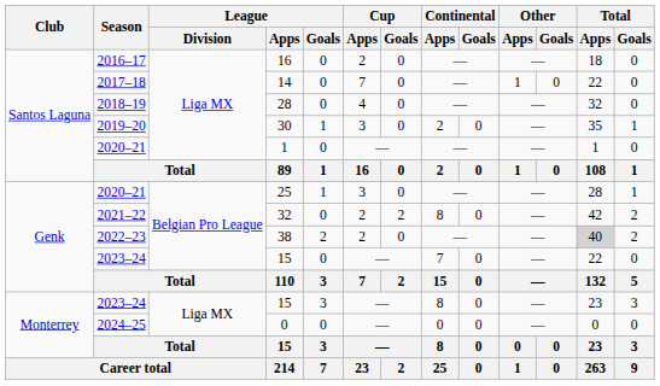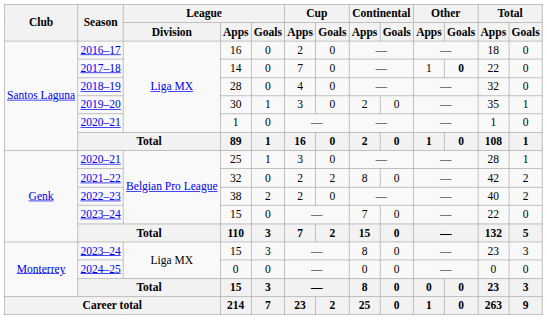 <table class="wikitable" style="text-align:center">
 <tr>
 <th rowspan="2">Club</th>
 <th rowspan="2">Season</th>
 <th colspan="3">League</th>
 <th colspan="2">Cup</th>
 <th colspan="2">Continental</th>
 <th colspan="2">Other</th>
 <th colspan="2">Total</th>
 </tr>
 <tr>
 <th>Division</th>
 <th>Apps</th>
 <th>Goals</th>
 <th>Apps</th>
 <th>Goals</th>
 <th>Apps</th>
 <th>Goals</th>
 <th>Apps</th>
 <th>Goals</th>
 <th>Apps</th>
 <th>Goals</th>
 </tr>
 <tr>
 <td rowspan="6"><a href='#'>Santos Laguna</a></td>
 <td><a href='#'>2016–17</a></td>
 <td rowspan="5"><a href='#'>Liga MX</a></td>
 <td>16</td>
 <td>0</td>
 <td>2</td>
 <td>0</td>
 <td colspan="2">—</td>
 <td colspan="2">—</td>
 <td>18</td>
 <td>0</td>
 </tr>
 <tr>
 <td><a href='#'>2017–18</a></td>
 <td>14</td>
 <td>0</td>
 <td>7</td>
 <td>0</td>
 <td colspan="2">—</td>
 <td>1</td>
-<td>0</td>
+<td><strong>0</strong></td>
 <td>22</td>
 <td>0</td>
 </tr>
 <tr>
 <td><a href='#'>2018–19</a></td>
 <td>28</td>
 <td>0</td>
 <td>4</td>
 <td>0</td>
 <td colspan="2">—</td>
 <td colspan="2">—</td>
 <td>32</td>
 <td>0</td>
 </tr>
 <tr>
 <td><a href='#'>2019–20</a></td>
 <td>30</td>
 <td>1</td>
 <td>3</td>
 <td>0</td>
 <td>2</td>
 <td>0</td>
 <td colspan="2">—</td>
 <td>35</td>
 <td>1</td>
 </tr>
 <tr>
 <td><a href='#'>2020–21</a></td>
 <td>1</td>
 <td>0</td>
 <td colspan="2">—</td>
 <td colspan="2">—</td>
 <td colspan="2">—</td>
 <td>1</td>
 <td>0</td>
 </tr>
 <tr>
 <th colspan="2">Total</th>
 <th>89</th>
 <th>1</th>
 <th>16</th>
 <th>0</th>
 <th>2</th>
 <th>0</th>
 <th>1</th>
 <th>0</th>
 <th>108</th>
 <th>1</th>
 </tr>
 <tr>
 <td rowspan="5"><a href='#'>Genk</a></td>
 <td><a href='#'>2020–21</a></td>
 <td rowspan="4"><a href='#'>Belgian Pro League</a></td>
 <td>25</td>
 <td>1</td>
 <td>3</td>
 <td>0</td>
 <td colspan="2">—</td>
 <td colspan="2">—</td>
 <td>28</td>
 <td>1</td>
 </tr>
 <tr>
 <td><a href='#'>2021–22</a></td>
 <td>32</td>
 <td>0</td>
 <td>2</td>
 <td>2</td>
 <td>8</td>
 <td>0</td>
 <td colspan="2">—</td>
 <td>42</td>
 <td>2</td>
 </tr>
 <tr>
 <td><a href='#'>2022–23</a></td>
 <td>38</td>
 <td>2</td>
 <td>2</td>
 <td>0</td>
 <td colspan="2">—</td>
 <td colspan="2">—</td>
-<td style="background: lightgrey;">40</td>
+<td>40</td>
 <td>2</td>
 </tr>
 <tr>
 <td><a href='#'>2023–24</a></td>
 <td>15</td>
 <td>0</td>
 <td colspan="2">—</td>
 <td>7</td>
 <td>0</td>
 <td colspan="2">—</td>
 <td>22</td>
 <td>0</td>
 </tr>
 <tr>
 <th colspan="2">Total</th>
 <th>110</th>
 <th>3</th>
 <th>7</th>
 <th>2</th>
 <th>15</th>
 <th>0</th>
 <th colspan="2">—</th>
 <th>132</th>
 <th>5</th>
 </tr>
 <tr>
 <td rowspan="3"><a href='#'>Monterrey</a></td>
 <td><a href='#'>2023–24</a></td>
 <td rowspan="2">Liga MX</td>
 <td>15</td>
 <td>3</td>
 <td colspan="2">—</td>
 <td>8</td>
 <td>0</td>
 <td colspan="2">—</td>
 <td>23</td>
 <td>3</td>
 </tr>
 <tr>
 <td><a href='#'>2024–25</a></td>
 <td>0</td>
 <td>0</td>
 <td colspan="2">—</td>
 <td>0</td>
 <td>0</td>
 <td colspan="2">—</td>
 <td>0</td>
 <td>0</td>
 </tr>
 <tr>
 <th colspan="2">Total</th>
 <th>15</th>
 <th>3</th>
 <th colspan="2">—</th>
 <th>8</th>
 <th>0</th>
 <th>0</th>
 <th>0</th>
 <th>23</th>
 <th>3</th>
 </tr>
 <tr>
 <th colspan="3">Career total</th>
 <th>214</th>
 <th>7</th>
 <th>23</th>
 <th>2</th>
 <th>25</th>
 <th>0</th>
 <th>1</th>
 <th>0</th>
 <th>263</th>
 <th>9</th>
 </tr>
 </table>
